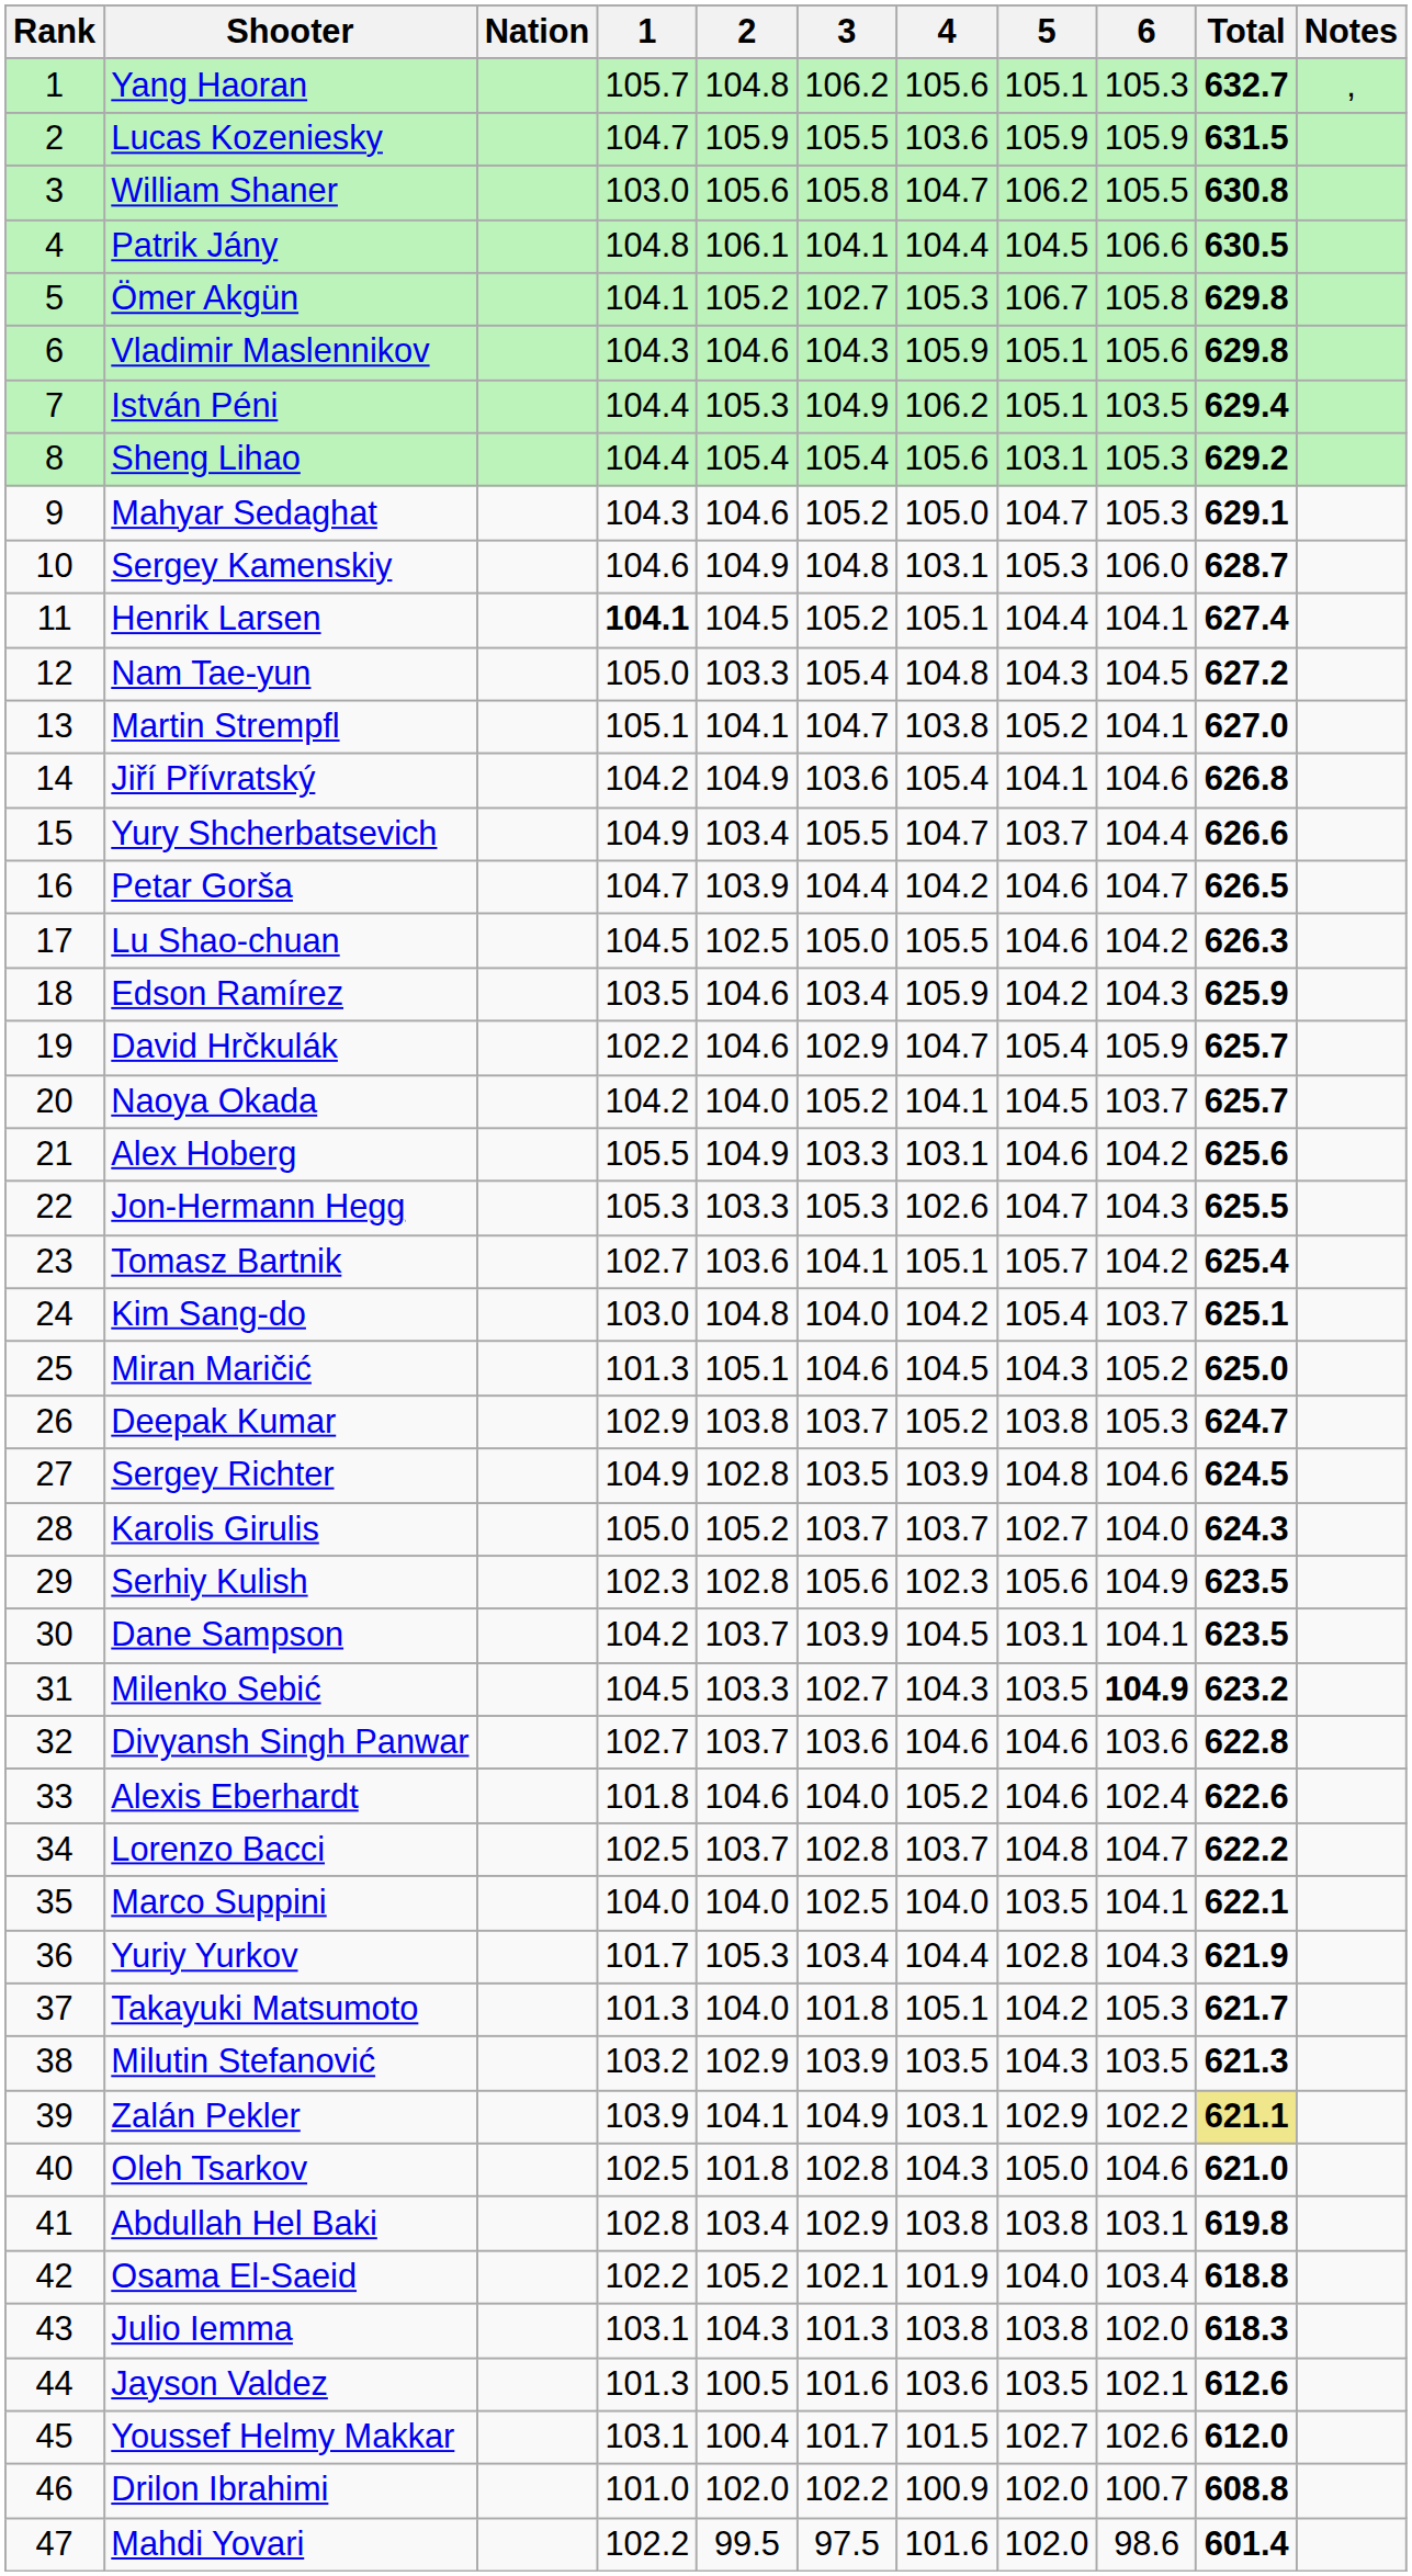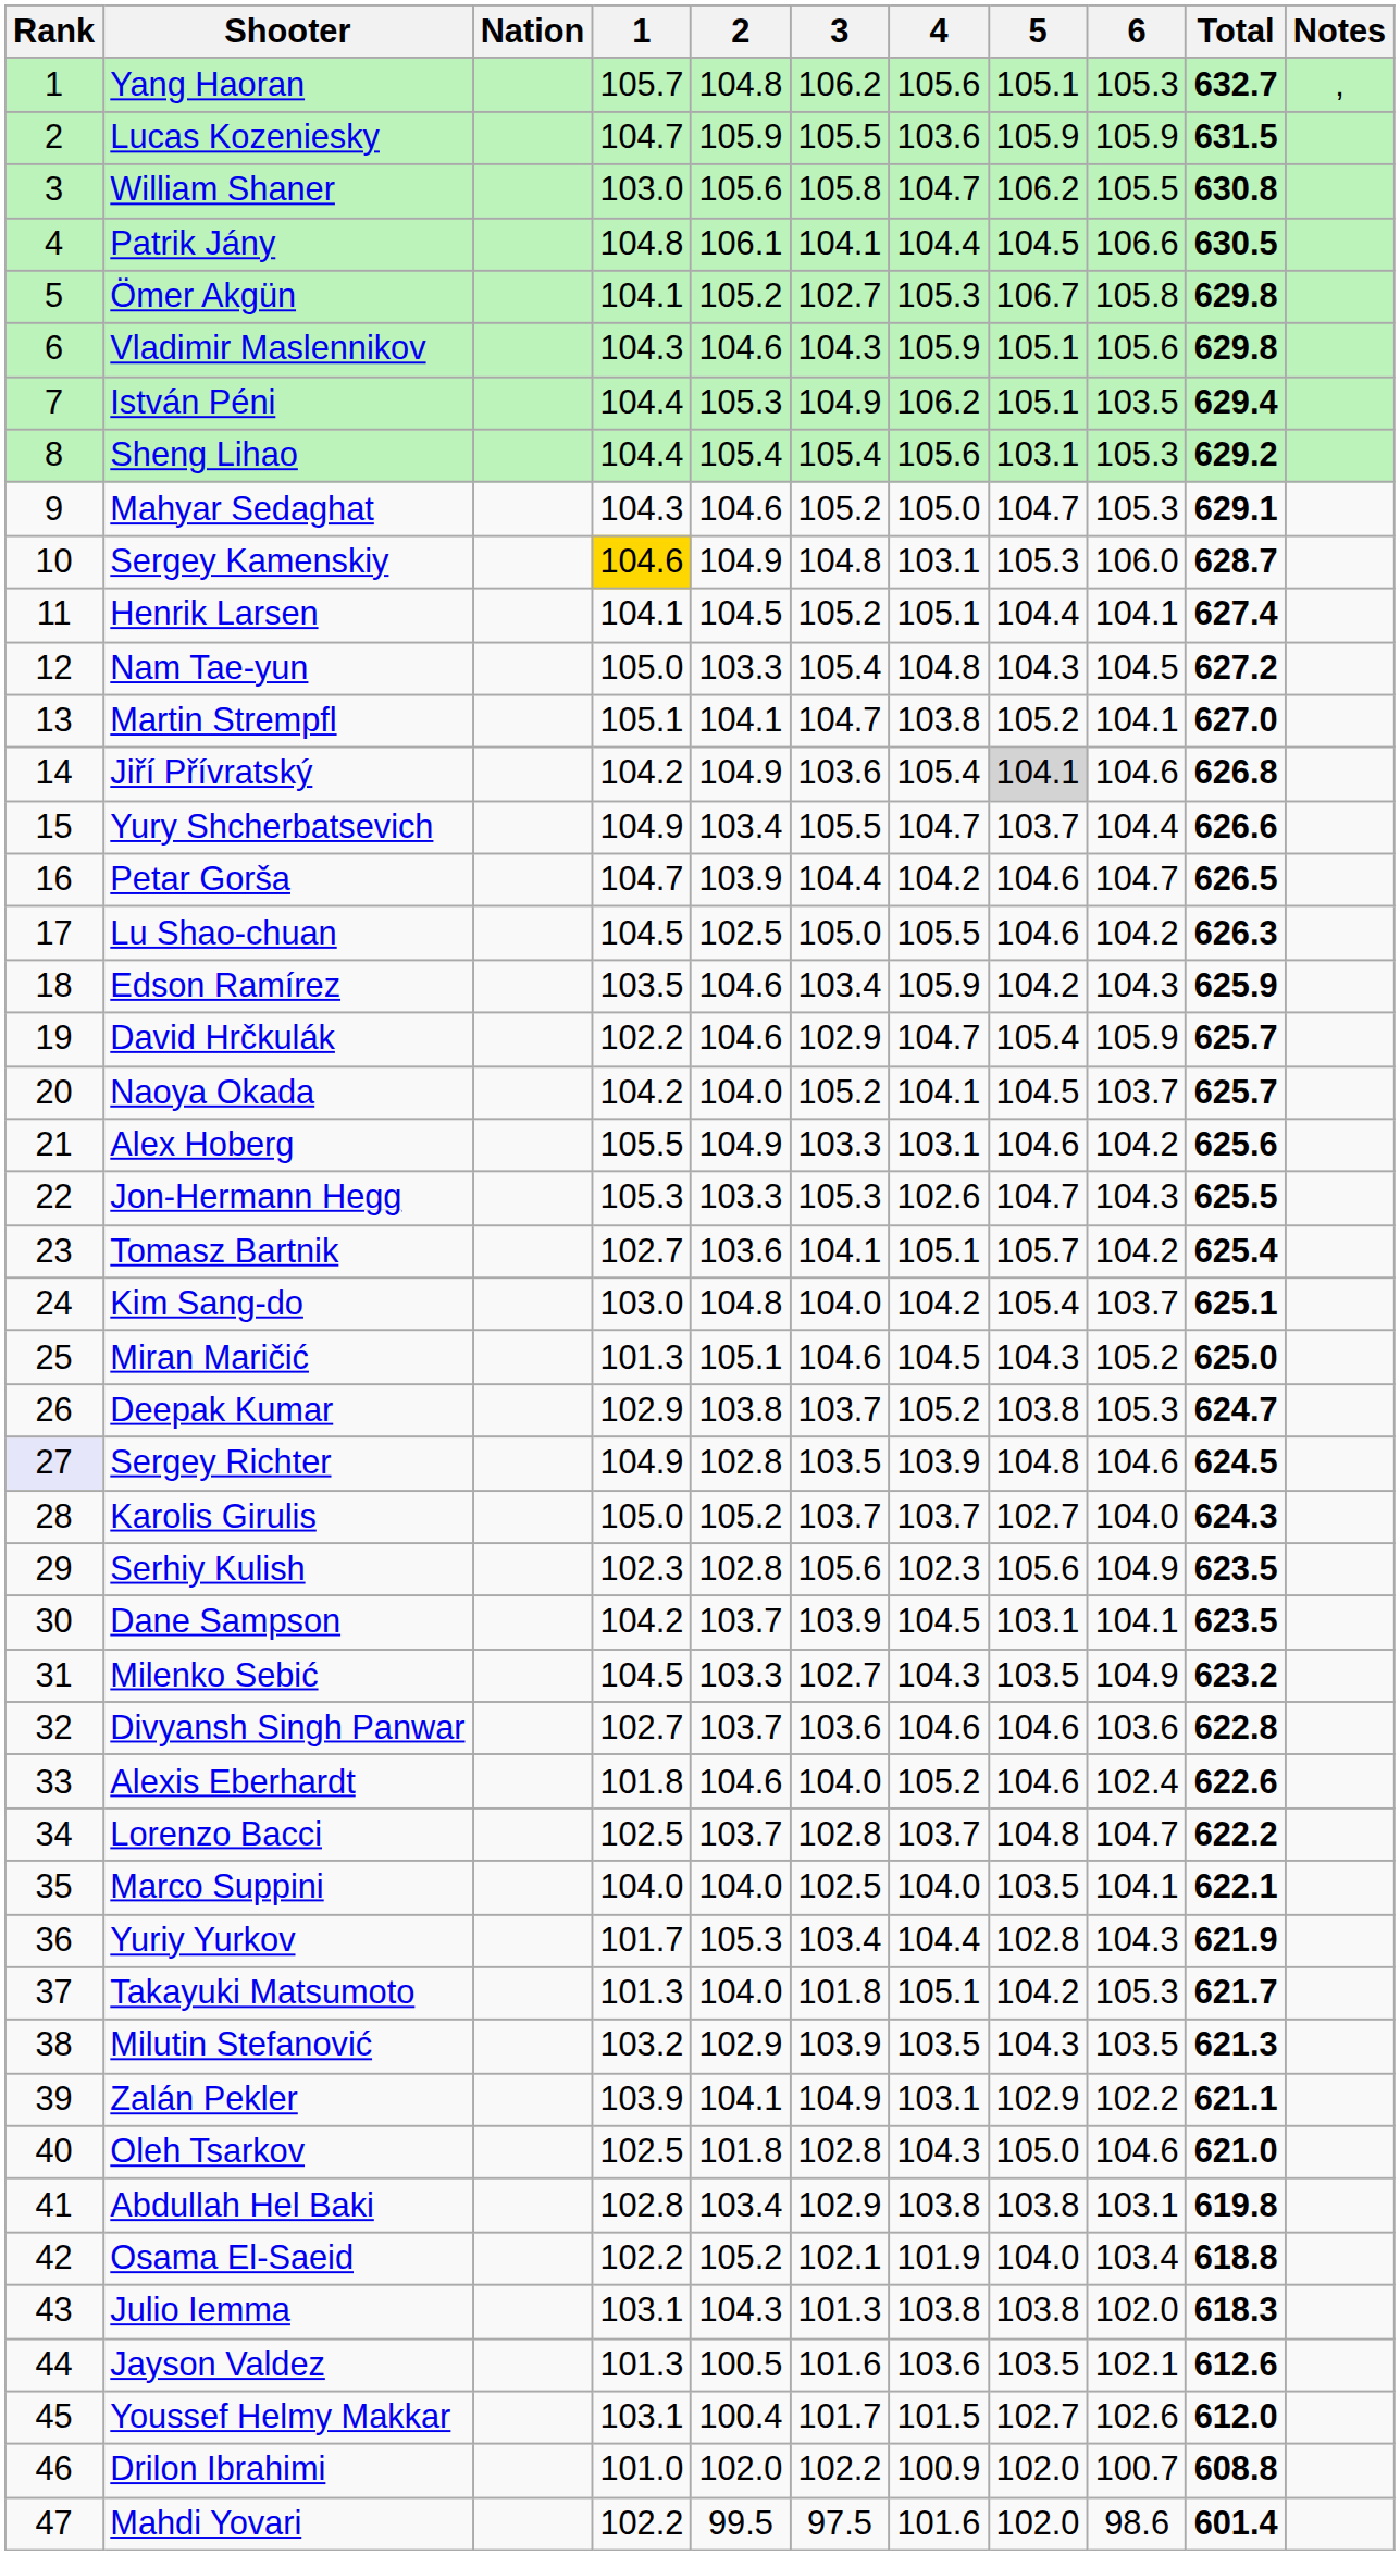 <table class="wikitable sortable" style="text-align:center">
 <tr>
 <th>Rank</th>
 <th>Shooter</th>
 <th>Nation</th>
 <th class="sortable">1</th>
 <th class="sortable">2</th>
 <th class="sortable">3</th>
 <th class="sortable">4</th>
 <th class="sortable">5</th>
 <th class="sortable">6</th>
 <th>Total</th>
 <th class="unsortable">Notes</th>
 </tr>
 <tr bgcolor=#bbf3bb>
 <td>1</td>
 <td align=left><a href='#'>Yang Haoran</a></td>
 <td align=left></td>
 <td>105.7</td>
 <td>104.8</td>
 <td>106.2</td>
 <td>105.6</td>
 <td>105.1</td>
 <td>105.3</td>
 <td><strong>632.7</strong></td>
 <td>, </td>
 </tr>
 <tr bgcolor=#bbf3bb>
 <td>2</td>
 <td align=left><a href='#'>Lucas Kozeniesky</a></td>
 <td align=left></td>
 <td>104.7</td>
 <td>105.9</td>
 <td>105.5</td>
 <td>103.6</td>
 <td>105.9</td>
 <td>105.9</td>
 <td><strong>631.5</strong></td>
 <td></td>
 </tr>
 <tr bgcolor=#bbf3bb>
 <td>3</td>
 <td align=left><a href='#'>William Shaner</a></td>
 <td align=left></td>
 <td>103.0</td>
 <td>105.6</td>
 <td>105.8</td>
 <td>104.7</td>
 <td>106.2</td>
 <td>105.5</td>
 <td><strong>630.8</strong></td>
 <td></td>
 </tr>
 <tr bgcolor=#bbf3bb>
 <td>4</td>
 <td align=left><a href='#'>Patrik Jány</a></td>
 <td align=left></td>
 <td>104.8</td>
 <td>106.1</td>
 <td>104.1</td>
 <td>104.4</td>
 <td>104.5</td>
 <td>106.6</td>
 <td><strong>630.5</strong></td>
 <td></td>
 </tr>
 <tr bgcolor=#bbf3bb>
 <td>5</td>
 <td align=left><a href='#'>Ömer Akgün</a></td>
 <td align=left></td>
 <td>104.1</td>
 <td>105.2</td>
 <td>102.7</td>
 <td>105.3</td>
 <td>106.7</td>
 <td>105.8</td>
 <td><strong>629.8</strong></td>
 <td></td>
 </tr>
 <tr bgcolor=#bbf3bb>
 <td>6</td>
 <td align=left><a href='#'>Vladimir Maslennikov</a></td>
 <td align=left></td>
 <td>104.3</td>
 <td>104.6</td>
 <td>104.3</td>
 <td>105.9</td>
 <td>105.1</td>
 <td>105.6</td>
 <td><strong>629.8</strong></td>
 <td></td>
 </tr>
 <tr bgcolor=#bbf3bb>
 <td>7</td>
 <td align=left><a href='#'>István Péni</a></td>
 <td align=left></td>
 <td>104.4</td>
 <td>105.3</td>
 <td>104.9</td>
 <td>106.2</td>
 <td>105.1</td>
 <td>103.5</td>
 <td><strong>629.4</strong></td>
 <td></td>
 </tr>
 <tr bgcolor=#bbf3bb>
 <td>8</td>
 <td align=left><a href='#'>Sheng Lihao</a></td>
 <td align=left></td>
 <td>104.4</td>
 <td>105.4</td>
 <td>105.4</td>
 <td>105.6</td>
 <td>103.1</td>
 <td>105.3</td>
 <td><strong>629.2</strong></td>
 <td></td>
 </tr>
 <tr>
 <td>9</td>
 <td align=left><a href='#'>Mahyar Sedaghat</a></td>
 <td align=left></td>
 <td>104.3</td>
 <td>104.6</td>
 <td>105.2</td>
 <td>105.0</td>
 <td>104.7</td>
 <td>105.3</td>
 <td><strong>629.1</strong></td>
 <td></td>
 </tr>
 <tr>
 <td>10</td>
 <td align=left><a href='#'>Sergey Kamenskiy</a></td>
 <td align=left></td>
-<td>104.6</td>
+<td style="background: gold;">104.6</td>
 <td>104.9</td>
 <td>104.8</td>
 <td>103.1</td>
 <td>105.3</td>
 <td>106.0</td>
 <td><strong>628.7</strong></td>
 <td></td>
 </tr>
 <tr>
 <td>11</td>
 <td align=left><a href='#'>Henrik Larsen</a></td>
 <td align=left></td>
-<td><strong>104.1</strong></td>
+<td>104.1</td>
 <td>104.5</td>
 <td>105.2</td>
 <td>105.1</td>
 <td>104.4</td>
 <td>104.1</td>
 <td><strong>627.4</strong></td>
 <td></td>
 </tr>
 <tr>
 <td>12</td>
 <td align=left><a href='#'>Nam Tae-yun</a></td>
 <td align=left></td>
 <td>105.0</td>
 <td>103.3</td>
 <td>105.4</td>
 <td>104.8</td>
 <td>104.3</td>
 <td>104.5</td>
 <td><strong>627.2</strong></td>
 <td></td>
 </tr>
 <tr>
 <td>13</td>
 <td align=left><a href='#'>Martin Strempfl</a></td>
 <td align=left></td>
 <td>105.1</td>
 <td>104.1</td>
 <td>104.7</td>
 <td>103.8</td>
 <td>105.2</td>
 <td>104.1</td>
 <td><strong>627.0</strong></td>
 <td></td>
 </tr>
 <tr>
 <td>14</td>
 <td align=left><a href='#'>Jiří Přívratský</a></td>
 <td align=left></td>
 <td>104.2</td>
 <td>104.9</td>
 <td>103.6</td>
 <td>105.4</td>
-<td>104.1</td>
+<td style="background: lightgrey;">104.1</td>
 <td>104.6</td>
 <td><strong>626.8</strong></td>
 <td></td>
 </tr>
 <tr>
 <td>15</td>
 <td align=left><a href='#'>Yury Shcherbatsevich</a></td>
 <td align=left></td>
 <td>104.9</td>
 <td>103.4</td>
 <td>105.5</td>
 <td>104.7</td>
 <td>103.7</td>
 <td>104.4</td>
 <td><strong>626.6</strong></td>
 <td></td>
 </tr>
 <tr>
 <td>16</td>
 <td align=left><a href='#'>Petar Gorša</a></td>
 <td align=left></td>
 <td>104.7</td>
 <td>103.9</td>
 <td>104.4</td>
 <td>104.2</td>
 <td>104.6</td>
 <td>104.7</td>
 <td><strong>626.5</strong></td>
 <td></td>
 </tr>
 <tr>
 <td>17</td>
 <td align=left><a href='#'>Lu Shao-chuan</a></td>
 <td align=left></td>
 <td>104.5</td>
 <td>102.5</td>
 <td>105.0</td>
 <td>105.5</td>
 <td>104.6</td>
 <td>104.2</td>
 <td><strong>626.3</strong></td>
 <td></td>
 </tr>
 <tr>
 <td>18</td>
 <td align=left><a href='#'>Edson Ramírez</a></td>
 <td align=left></td>
 <td>103.5</td>
 <td>104.6</td>
 <td>103.4</td>
 <td>105.9</td>
 <td>104.2</td>
 <td>104.3</td>
 <td><strong>625.9</strong></td>
 <td></td>
 </tr>
 <tr>
 <td>19</td>
 <td align=left><a href='#'>David Hrčkulák</a></td>
 <td align=left></td>
 <td>102.2</td>
 <td>104.6</td>
 <td>102.9</td>
 <td>104.7</td>
 <td>105.4</td>
 <td>105.9</td>
 <td><strong>625.7</strong></td>
 <td></td>
 </tr>
 <tr>
 <td>20</td>
 <td align=left><a href='#'>Naoya Okada</a></td>
 <td align=left></td>
 <td>104.2</td>
 <td>104.0</td>
 <td>105.2</td>
 <td>104.1</td>
 <td>104.5</td>
 <td>103.7</td>
 <td><strong>625.7</strong></td>
 <td></td>
 </tr>
 <tr>
 <td>21</td>
 <td align=left><a href='#'>Alex Hoberg</a></td>
 <td align=left></td>
 <td>105.5</td>
 <td>104.9</td>
 <td>103.3</td>
 <td>103.1</td>
 <td>104.6</td>
 <td>104.2</td>
 <td><strong>625.6</strong></td>
 <td></td>
 </tr>
 <tr>
 <td>22</td>
 <td align=left><a href='#'>Jon-Hermann Hegg</a></td>
 <td align=left></td>
 <td>105.3</td>
 <td>103.3</td>
 <td>105.3</td>
 <td>102.6</td>
 <td>104.7</td>
 <td>104.3</td>
 <td><strong>625.5</strong></td>
 <td></td>
 </tr>
 <tr>
 <td>23</td>
 <td align=left><a href='#'>Tomasz Bartnik</a></td>
 <td align=left></td>
 <td>102.7</td>
 <td>103.6</td>
 <td>104.1</td>
 <td>105.1</td>
 <td>105.7</td>
 <td>104.2</td>
 <td><strong>625.4</strong></td>
 <td></td>
 </tr>
 <tr>
 <td>24</td>
 <td align=left><a href='#'>Kim Sang-do</a></td>
 <td align=left></td>
 <td>103.0</td>
 <td>104.8</td>
 <td>104.0</td>
 <td>104.2</td>
 <td>105.4</td>
 <td>103.7</td>
 <td><strong>625.1</strong></td>
 <td></td>
 </tr>
 <tr>
 <td>25</td>
 <td align=left><a href='#'>Miran Maričić</a></td>
 <td align=left></td>
 <td>101.3</td>
 <td>105.1</td>
 <td>104.6</td>
 <td>104.5</td>
 <td>104.3</td>
 <td>105.2</td>
 <td><strong>625.0</strong></td>
 <td></td>
 </tr>
 <tr>
 <td>26</td>
 <td align=left><a href='#'>Deepak Kumar</a></td>
 <td align=left></td>
 <td>102.9</td>
 <td>103.8</td>
 <td>103.7</td>
 <td>105.2</td>
 <td>103.8</td>
 <td>105.3</td>
 <td><strong>624.7</strong></td>
 <td></td>
 </tr>
 <tr>
-<td>27</td>
+<td style="background: lavender;">27</td>
 <td align=left><a href='#'>Sergey Richter</a></td>
 <td align=left></td>
 <td>104.9</td>
 <td>102.8</td>
 <td>103.5</td>
 <td>103.9</td>
 <td>104.8</td>
 <td>104.6</td>
 <td><strong>624.5</strong></td>
 <td></td>
 </tr>
 <tr>
 <td>28</td>
 <td align=left><a href='#'>Karolis Girulis</a></td>
 <td align=left></td>
 <td>105.0</td>
 <td>105.2</td>
 <td>103.7</td>
 <td>103.7</td>
 <td>102.7</td>
 <td>104.0</td>
 <td><strong>624.3</strong></td>
 <td></td>
 </tr>
 <tr>
 <td>29</td>
 <td align=left><a href='#'>Serhiy Kulish</a></td>
 <td align=left></td>
 <td>102.3</td>
 <td>102.8</td>
 <td>105.6</td>
 <td>102.3</td>
 <td>105.6</td>
 <td>104.9</td>
 <td><strong>623.5</strong></td>
 <td></td>
 </tr>
 <tr>
 <td>30</td>
 <td align=left><a href='#'>Dane Sampson</a></td>
 <td align=left></td>
 <td>104.2</td>
 <td>103.7</td>
 <td>103.9</td>
 <td>104.5</td>
 <td>103.1</td>
 <td>104.1</td>
 <td><strong>623.5</strong></td>
 <td></td>
 </tr>
 <tr>
 <td>31</td>
 <td align=left><a href='#'>Milenko Sebić</a></td>
 <td align=left></td>
 <td>104.5</td>
 <td>103.3</td>
 <td>102.7</td>
 <td>104.3</td>
 <td>103.5</td>
-<td><strong>104.9</strong></td>
+<td>104.9</td>
 <td><strong>623.2</strong></td>
 <td></td>
 </tr>
 <tr>
 <td>32</td>
 <td align=left><a href='#'>Divyansh Singh Panwar</a></td>
 <td align=left></td>
 <td>102.7</td>
 <td>103.7</td>
 <td>103.6</td>
 <td>104.6</td>
 <td>104.6</td>
 <td>103.6</td>
 <td><strong>622.8</strong></td>
 <td></td>
 </tr>
 <tr>
 <td>33</td>
 <td align=left><a href='#'>Alexis Eberhardt</a></td>
 <td align=left></td>
 <td>101.8</td>
 <td>104.6</td>
 <td>104.0</td>
 <td>105.2</td>
 <td>104.6</td>
 <td>102.4</td>
 <td><strong>622.6</strong></td>
 <td></td>
 </tr>
 <tr>
 <td>34</td>
 <td align=left><a href='#'>Lorenzo Bacci</a></td>
 <td align=left></td>
 <td>102.5</td>
 <td>103.7</td>
 <td>102.8</td>
 <td>103.7</td>
 <td>104.8</td>
 <td>104.7</td>
 <td><strong>622.2</strong></td>
 <td></td>
 </tr>
 <tr>
 <td>35</td>
 <td align=left><a href='#'>Marco Suppini</a></td>
 <td align=left></td>
 <td>104.0</td>
 <td>104.0</td>
 <td>102.5</td>
 <td>104.0</td>
 <td>103.5</td>
 <td>104.1</td>
 <td><strong>622.1</strong></td>
 <td></td>
 </tr>
 <tr>
 <td>36</td>
 <td align=left><a href='#'>Yuriy Yurkov</a></td>
 <td align=left></td>
 <td>101.7</td>
 <td>105.3</td>
 <td>103.4</td>
 <td>104.4</td>
 <td>102.8</td>
 <td>104.3</td>
 <td><strong>621.9</strong></td>
 <td></td>
 </tr>
 <tr>
 <td>37</td>
 <td align=left><a href='#'>Takayuki Matsumoto</a></td>
 <td align=left></td>
 <td>101.3</td>
 <td>104.0</td>
 <td>101.8</td>
 <td>105.1</td>
 <td>104.2</td>
 <td>105.3</td>
 <td><strong>621.7</strong></td>
 <td></td>
 </tr>
 <tr>
 <td>38</td>
 <td align=left><a href='#'>Milutin Stefanović</a></td>
 <td align=left></td>
 <td>103.2</td>
 <td>102.9</td>
 <td>103.9</td>
 <td>103.5</td>
 <td>104.3</td>
 <td>103.5</td>
 <td><strong>621.3</strong></td>
 <td></td>
 </tr>
 <tr>
 <td>39</td>
 <td align=left><a href='#'>Zalán Pekler</a></td>
 <td align=left></td>
 <td>103.9</td>
 <td>104.1</td>
 <td>104.9</td>
 <td>103.1</td>
 <td>102.9</td>
 <td>102.2</td>
-<td style="background: khaki;"><strong>621.1</strong></td>
+<td><strong>621.1</strong></td>
 <td></td>
 </tr>
 <tr>
 <td>40</td>
 <td align=left><a href='#'>Oleh Tsarkov</a></td>
 <td align=left></td>
 <td>102.5</td>
 <td>101.8</td>
 <td>102.8</td>
 <td>104.3</td>
 <td>105.0</td>
 <td>104.6</td>
 <td><strong>621.0</strong></td>
 <td></td>
 </tr>
 <tr>
 <td>41</td>
 <td align=left><a href='#'>Abdullah Hel Baki</a></td>
 <td align=left></td>
 <td>102.8</td>
 <td>103.4</td>
 <td>102.9</td>
 <td>103.8</td>
 <td>103.8</td>
 <td>103.1</td>
 <td><strong>619.8</strong></td>
 <td></td>
 </tr>
 <tr>
 <td>42</td>
 <td align=left><a href='#'>Osama El-Saeid</a></td>
 <td align=left></td>
 <td>102.2</td>
 <td>105.2</td>
 <td>102.1</td>
 <td>101.9</td>
 <td>104.0</td>
 <td>103.4</td>
 <td><strong>618.8</strong></td>
 <td></td>
 </tr>
 <tr>
 <td>43</td>
 <td align=left><a href='#'>Julio Iemma</a></td>
 <td align=left></td>
 <td>103.1</td>
 <td>104.3</td>
 <td>101.3</td>
 <td>103.8</td>
 <td>103.8</td>
 <td>102.0</td>
 <td><strong>618.3</strong></td>
 <td></td>
 </tr>
 <tr>
 <td>44</td>
 <td align=left><a href='#'>Jayson Valdez</a></td>
 <td align=left></td>
 <td>101.3</td>
 <td>100.5</td>
 <td>101.6</td>
 <td>103.6</td>
 <td>103.5</td>
 <td>102.1</td>
 <td><strong>612.6</strong></td>
 <td></td>
 </tr>
 <tr>
 <td>45</td>
 <td align=left><a href='#'>Youssef Helmy Makkar</a></td>
 <td align=left></td>
 <td>103.1</td>
 <td>100.4</td>
 <td>101.7</td>
 <td>101.5</td>
 <td>102.7</td>
 <td>102.6</td>
 <td><strong>612.0</strong></td>
 <td></td>
 </tr>
 <tr>
 <td>46</td>
 <td align=left><a href='#'>Drilon Ibrahimi</a></td>
 <td align=left></td>
 <td>101.0</td>
 <td>102.0</td>
 <td>102.2</td>
 <td>100.9</td>
 <td>102.0</td>
 <td>100.7</td>
 <td><strong>608.8</strong></td>
 <td></td>
 </tr>
 <tr>
 <td>47</td>
 <td align=left><a href='#'>Mahdi Yovari</a></td>
 <td align=left></td>
 <td>102.2</td>
 <td>99.5</td>
 <td>97.5</td>
 <td>101.6</td>
 <td>102.0</td>
 <td>98.6</td>
 <td><strong>601.4</strong></td>
 <td></td>
 </tr>
 </table>
